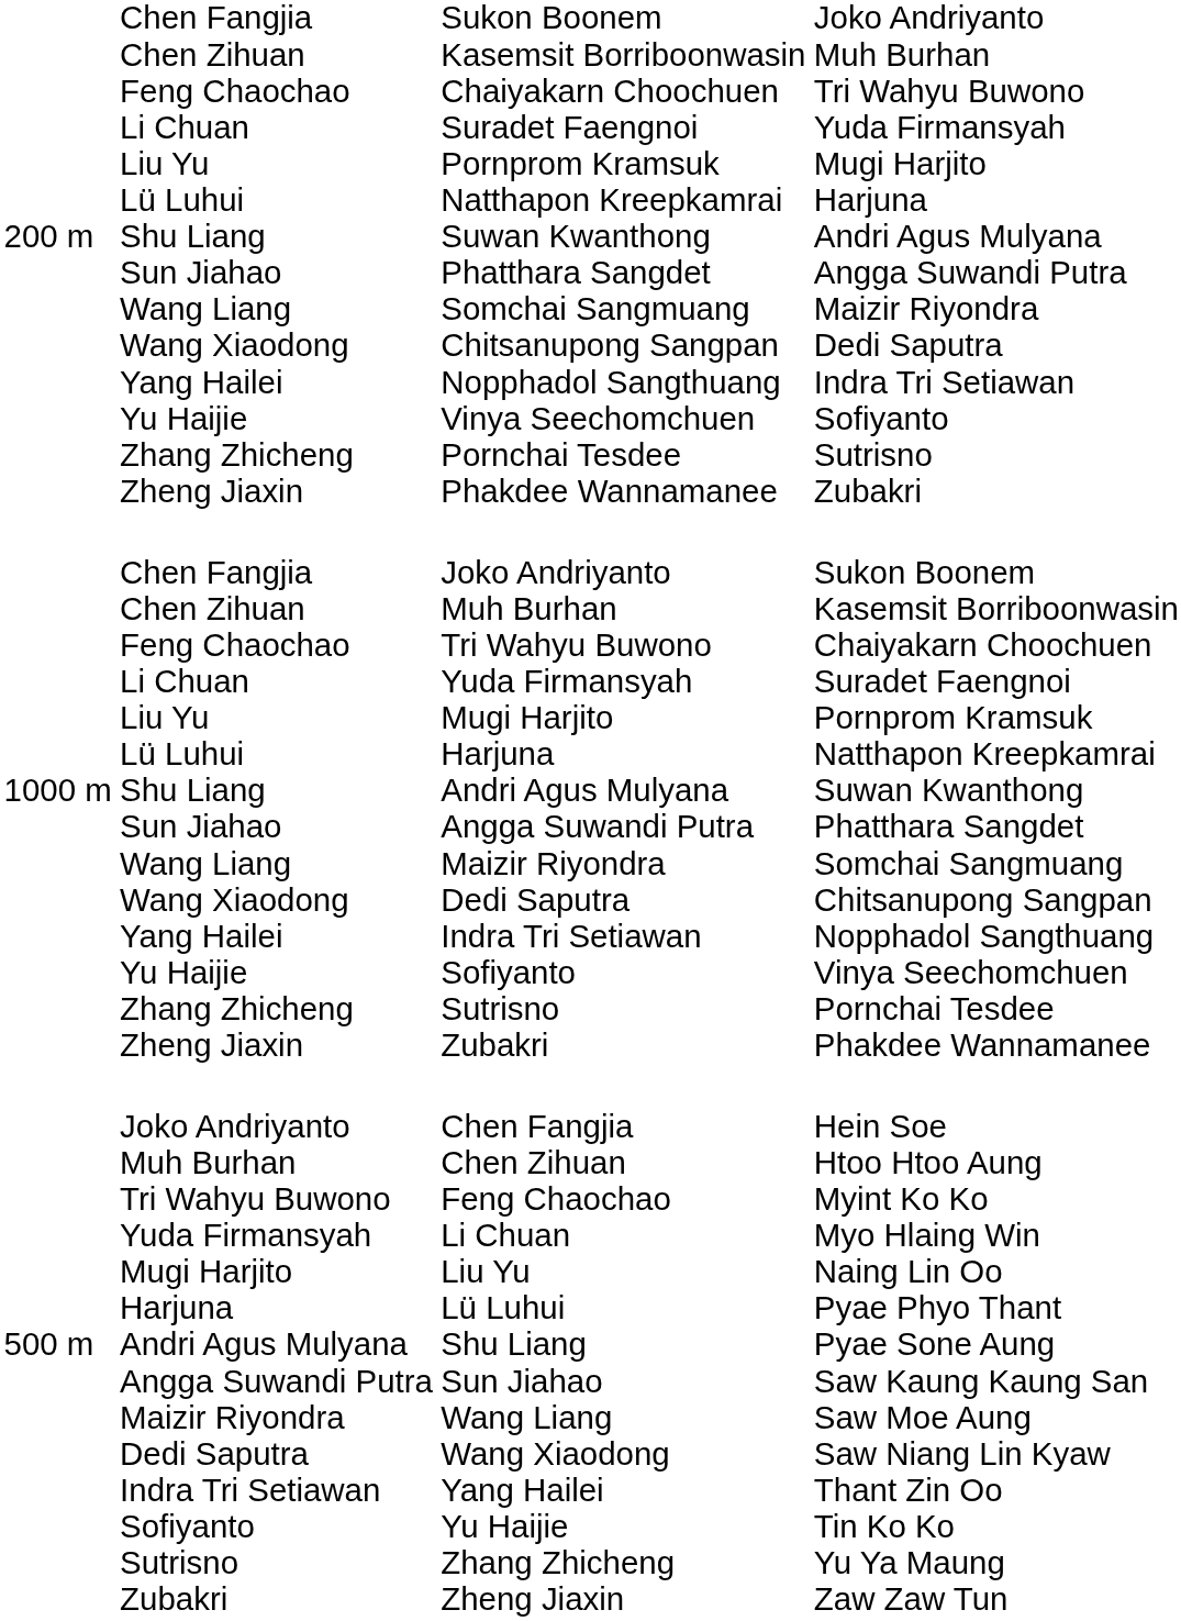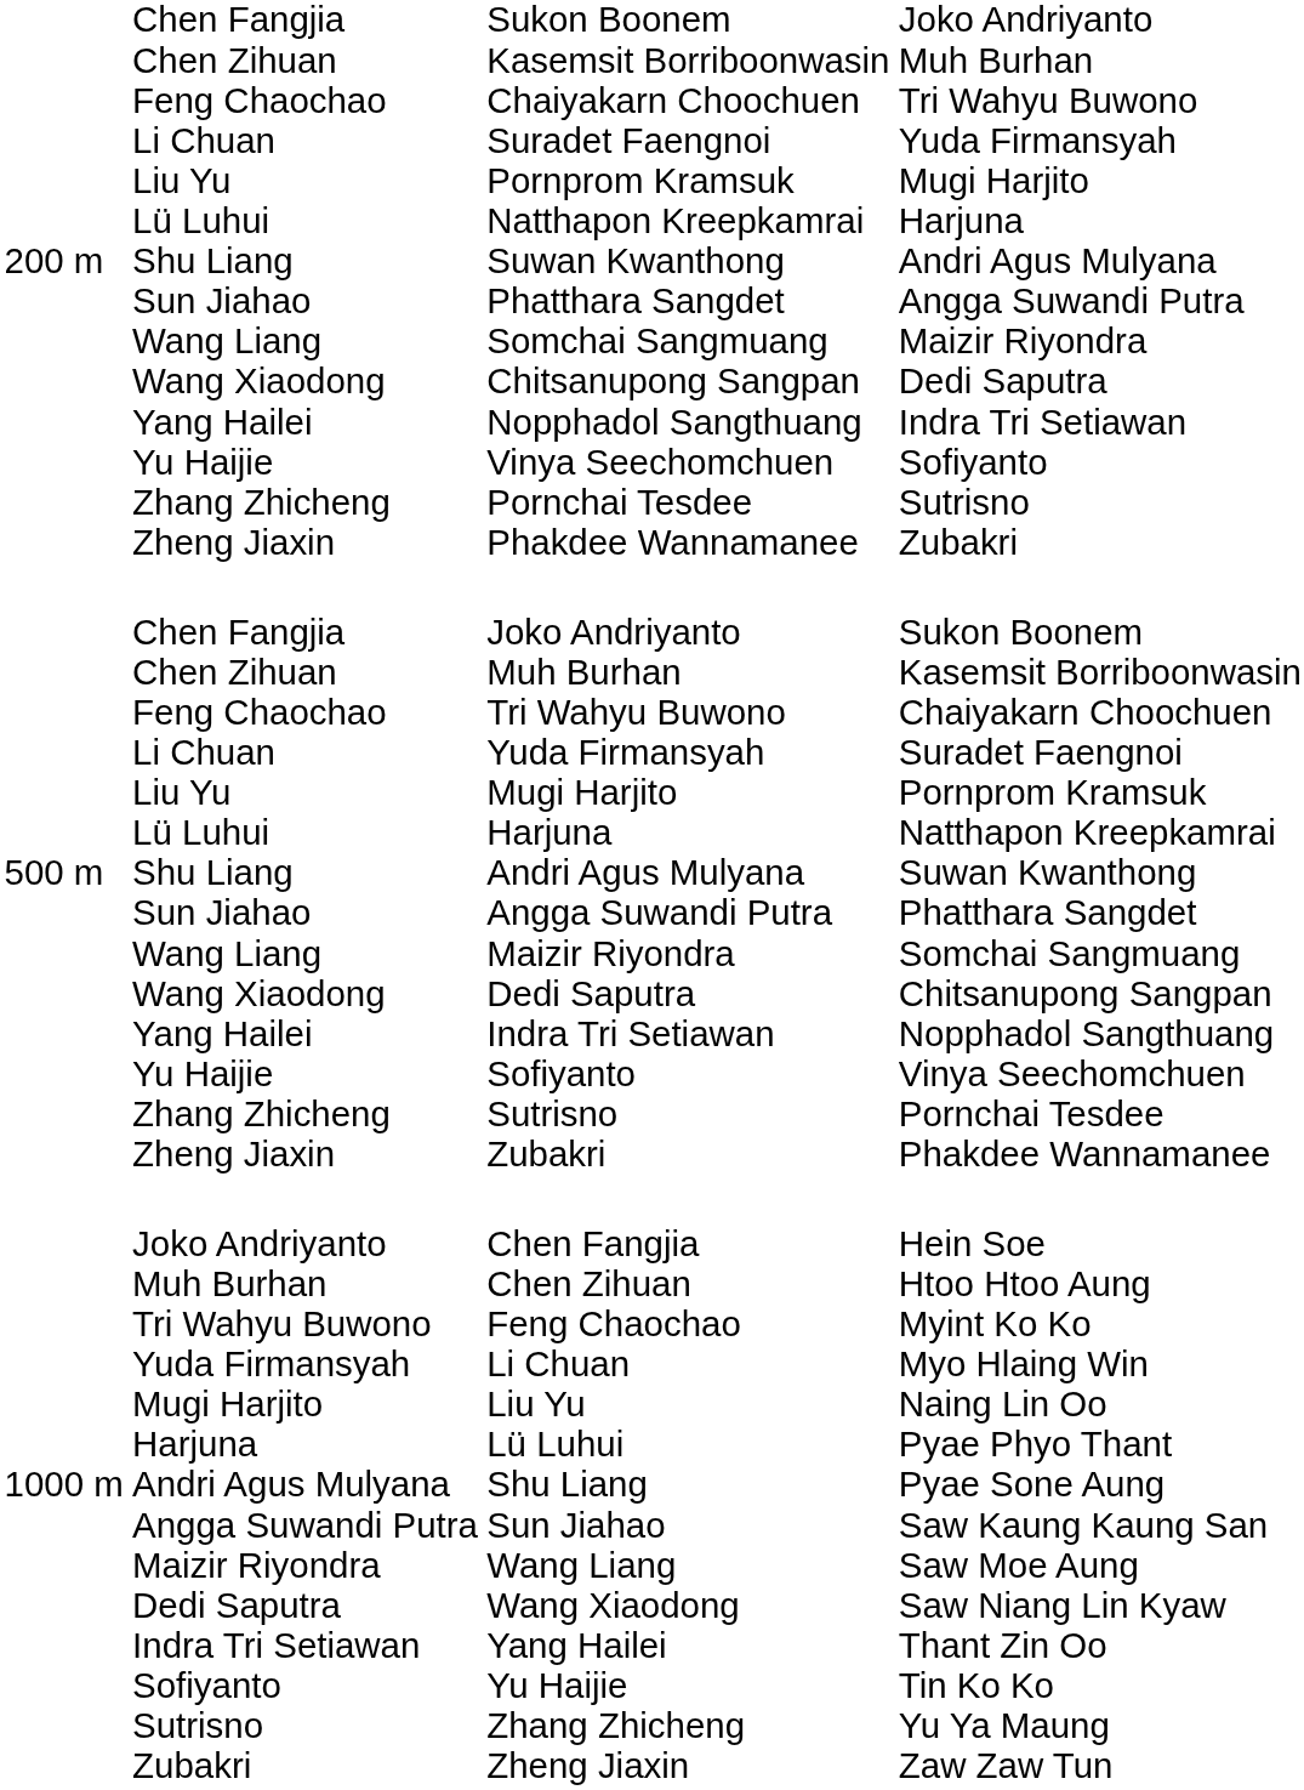 <table>
 <tr>
 <td>200 m<br></td>
 <td><br>Chen Fangjia<br>Chen Zihuan<br>Feng Chaochao<br>Li Chuan<br>Liu Yu<br>Lü Luhui<br>Shu Liang<br>Sun Jiahao<br>Wang Liang<br>Wang Xiaodong<br>Yang Hailei<br>Yu Haijie<br>Zhang Zhicheng<br>Zheng Jiaxin</td>
 <td><br>Sukon Boonem<br>Kasemsit Borriboonwasin<br>Chaiyakarn Choochuen<br>Suradet Faengnoi<br>Pornprom Kramsuk<br>Natthapon Kreepkamrai<br>Suwan Kwanthong<br>Phatthara Sangdet<br>Somchai Sangmuang<br>Chitsanupong Sangpan<br>Nopphadol Sangthuang<br>Vinya Seechomchuen<br>Pornchai Tesdee<br>Phakdee Wannamanee</td>
 <td><br>Joko Andriyanto<br>Muh Burhan<br>Tri Wahyu Buwono<br>Yuda Firmansyah<br>Mugi Harjito<br>Harjuna<br>Andri Agus Mulyana<br>Angga Suwandi Putra<br>Maizir Riyondra<br>Dedi Saputra<br>Indra Tri Setiawan<br>Sofiyanto<br>Sutrisno<br>Zubakri</td>
 </tr>
 <tr>
-<td>1000 m<br></td>
+<td>500 m<br></td>
 <td><br>Chen Fangjia<br>Chen Zihuan<br>Feng Chaochao<br>Li Chuan<br>Liu Yu<br>Lü Luhui<br>Shu Liang<br>Sun Jiahao<br>Wang Liang<br>Wang Xiaodong<br>Yang Hailei<br>Yu Haijie<br>Zhang Zhicheng<br>Zheng Jiaxin</td>
 <td><br>Joko Andriyanto<br>Muh Burhan<br>Tri Wahyu Buwono<br>Yuda Firmansyah<br>Mugi Harjito<br>Harjuna<br>Andri Agus Mulyana<br>Angga Suwandi Putra<br>Maizir Riyondra<br>Dedi Saputra<br>Indra Tri Setiawan<br>Sofiyanto<br>Sutrisno<br>Zubakri</td>
 <td><br>Sukon Boonem<br>Kasemsit Borriboonwasin<br>Chaiyakarn Choochuen<br>Suradet Faengnoi<br>Pornprom Kramsuk<br>Natthapon Kreepkamrai<br>Suwan Kwanthong<br>Phatthara Sangdet<br>Somchai Sangmuang<br>Chitsanupong Sangpan<br>Nopphadol Sangthuang<br>Vinya Seechomchuen<br>Pornchai Tesdee<br>Phakdee Wannamanee</td>
 </tr>
 <tr>
-<td>500 m<br></td>
+<td>1000 m<br></td>
 <td><br>Joko Andriyanto<br>Muh Burhan<br>Tri Wahyu Buwono<br>Yuda Firmansyah<br>Mugi Harjito<br>Harjuna<br>Andri Agus Mulyana<br>Angga Suwandi Putra<br>Maizir Riyondra<br>Dedi Saputra<br>Indra Tri Setiawan<br>Sofiyanto<br>Sutrisno<br>Zubakri</td>
 <td><br>Chen Fangjia<br>Chen Zihuan<br>Feng Chaochao<br>Li Chuan<br>Liu Yu<br>Lü Luhui<br>Shu Liang<br>Sun Jiahao<br>Wang Liang<br>Wang Xiaodong<br>Yang Hailei<br>Yu Haijie<br>Zhang Zhicheng<br>Zheng Jiaxin</td>
 <td><br>Hein Soe<br>Htoo Htoo Aung<br>Myint Ko Ko<br>Myo Hlaing Win<br>Naing Lin Oo<br>Pyae Phyo Thant<br>Pyae Sone Aung<br>Saw Kaung Kaung San<br>Saw Moe Aung<br>Saw Niang Lin Kyaw<br>Thant Zin Oo<br>Tin Ko Ko<br>Yu Ya Maung<br>Zaw Zaw Tun</td>
 </tr>
 </table>
